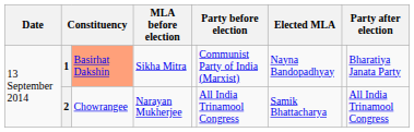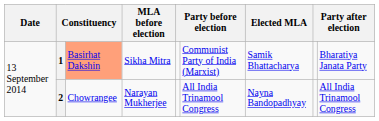 <table class="wikitable sortable">
 <tr>
 <th>Date</th>
 <th colspan="2">Constituency</th>
 <th>MLA before election</th>
 <th colspan="2">Party before election</th>
 <th>Elected MLA</th>
 <th colspan="2">Party after election</th>
 </tr>
 <tr>
 <td rowspan="2">13 September 2014</td>
 <th>1</th>
 <td style="background: lightsalmon;"><a href='#'>Basirhat Dakshin</a></td>
 <td><a href='#'>Sikha Mitra</a></td>
 <td></td>
 <td><a href='#'>Communist Party of India (Marxist)</a></td>
-<td><a href='#'>Nayna Bandopadhyay</a></td>
+<td><a href='#'>Samik Bhattacharya</a></td>
 <td></td>
 <td><a href='#'>Bharatiya Janata Party</a></td>
 </tr>
 <tr>
 <th>2</th>
 <td><a href='#'>Chowrangee</a></td>
 <td><a href='#'>Narayan Mukherjee</a></td>
 <td></td>
 <td><a href='#'>All India Trinamool Congress</a></td>
-<td><a href='#'>Samik Bhattacharya</a></td>
+<td><a href='#'>Nayna Bandopadhyay</a></td>
 <td></td>
 <td><a href='#'>All India Trinamool Congress</a></td>
 </tr>
 </table>
